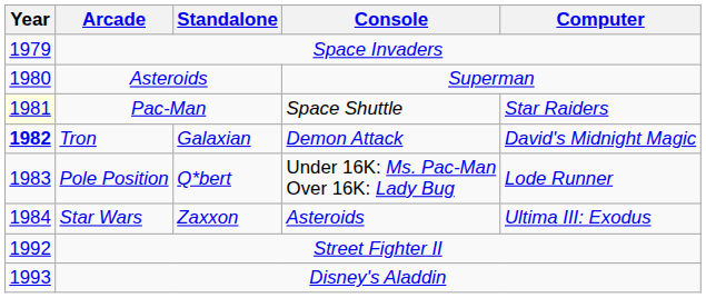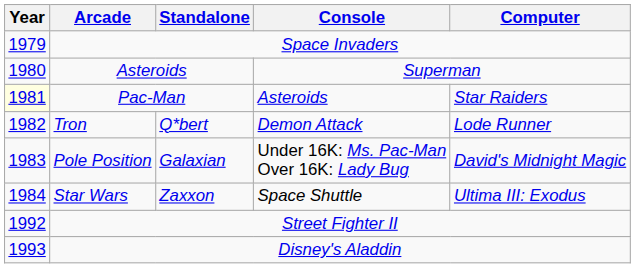 <table class="wikitable">
 <tr>
 <th>Year</th>
 <th><a href='#'>Arcade</a></th>
 <th><a href='#'>Standalone</a></th>
 <th><a href='#'>Console</a></th>
 <th><a href='#'>Computer</a></th>
 </tr>
 <tr>
 <td><a href='#'>1979</a></td>
 <td colspan="4" style="text-align:center;"><em><a href='#'>Space Invaders</a></em></td>
 </tr>
 <tr>
 <td><a href='#'>1980</a></td>
 <td colspan="2" style="text-align:center;"><em><a href='#'>Asteroids</a></em></td>
 <td colspan="2" style="text-align:center;"><em><a href='#'>Superman</a></em></td>
 </tr>
 <tr>
 <td style="background: lightyellow;"><a href='#'>1981</a></td>
 <td colspan="2" style="text-align:center;"><em><a href='#'>Pac-Man</a></em></td>
-<td><em>Space Shuttle</em></td>
+<td><em><a href='#'>Asteroids</a></em></td>
 <td><em><a href='#'>Star Raiders</a></em></td>
 </tr>
 <tr>
-<td><strong><a href='#'>1982</a></strong></td>
+<td><a href='#'>1982</a></td>
 <td><em><a href='#'>Tron</a></em></td>
-<td><em><a href='#'>Galaxian</a></em></td>
+<td><em><a href='#'>Q*bert</a></em></td>
 <td><em><a href='#'>Demon Attack</a></em></td>
-<td><em><a href='#'>David's Midnight Magic</a></em></td>
+<td><em><a href='#'>Lode Runner</a></em></td>
 </tr>
 <tr>
 <td><a href='#'>1983</a></td>
 <td><em><a href='#'>Pole Position</a></em></td>
-<td><em><a href='#'>Q*bert</a></em></td>
+<td><em><a href='#'>Galaxian</a></em></td>
 <td>Under 16K: <em><a href='#'>Ms. Pac-Man</a></em> <br> Over 16K: <em><a href='#'>Lady Bug</a></em></td>
-<td><em><a href='#'>Lode Runner</a></em></td>
+<td><em><a href='#'>David's Midnight Magic</a></em></td>
 </tr>
 <tr>
 <td><a href='#'>1984</a></td>
 <td><em><a href='#'>Star Wars</a></em></td>
 <td><em><a href='#'>Zaxxon</a></em></td>
-<td><em><a href='#'>Asteroids</a></em></td>
+<td><em>Space Shuttle</em></td>
 <td><em><a href='#'>Ultima III: Exodus</a></em></td>
 </tr>
 <tr>
 <td><a href='#'>1992</a></td>
 <td colspan="4" style="text-align:center;"><em><a href='#'>Street Fighter II</a></em></td>
 </tr>
 <tr>
 <td><a href='#'>1993</a></td>
 <td colspan="4" style="text-align:center;"><em><a href='#'>Disney's Aladdin</a></em></td>
 </tr>
 </table>
